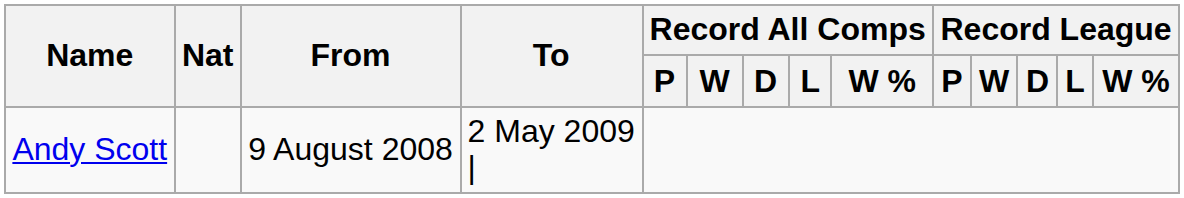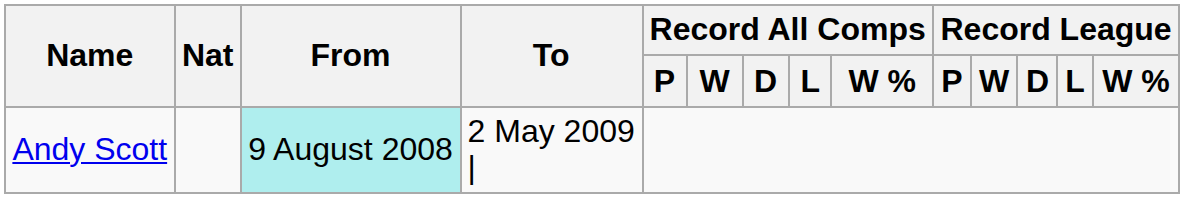 <table class="wikitable" style="text-align: center">
 <tr>
 <th rowspan="2">Name</th>
 <th rowspan="2">Nat</th>
 <th rowspan="2">From</th>
 <th rowspan="2">To</th>
 <th colspan="5">Record All Comps</th>
 <th colspan="5">Record League</th>
 </tr>
 <tr>
 <th>P</th>
 <th>W</th>
 <th>D</th>
 <th>L</th>
 <th>W %</th>
 <th>P</th>
 <th>W</th>
 <th>D</th>
 <th>L</th>
 <th>W %</th>
 </tr>
 <tr>
 <td align=left><a href='#'>Andy Scott</a></td>
 <td></td>
-<td align=left>9 August 2008</td>
+<td align=left style="background: paleturquoise;">9 August 2008</td>
 <td align=left>2 May 2009<br>|</td>
 </tr>
 </table>
